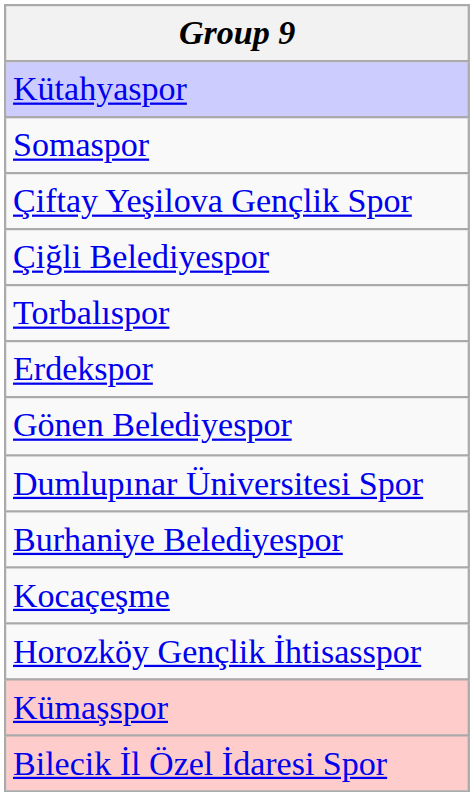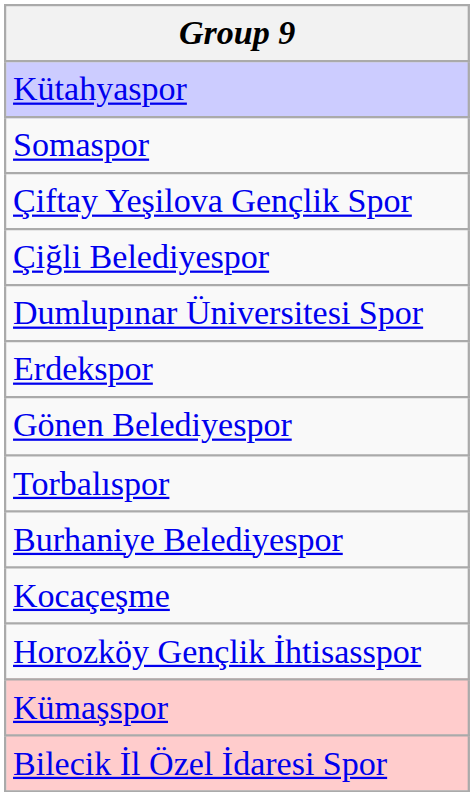 <table class="wikitable collapsible collapsed" style="font-size:95%;">
 <tr>
 <th colspan="1" width="200"><em>Group 9</em></th>
 </tr>
 <tr>
 <td style="background:#ccccff;"><a href='#'>Kütahyaspor</a></td>
 </tr>
 <tr>
 <td><a href='#'>Somaspor</a></td>
 </tr>
 <tr>
 <td><a href='#'>Çiftay Yeşilova Gençlik Spor</a></td>
 </tr>
 <tr>
 <td><a href='#'>Çiğli Belediyespor</a></td>
 </tr>
 <tr>
-<td><a href='#'>Torbalıspor</a></td>
+<td><a href='#'>Dumlupınar Üniversitesi Spor</a></td>
 </tr>
 <tr>
 <td><a href='#'>Erdekspor</a></td>
 </tr>
 <tr>
 <td><a href='#'>Gönen Belediyespor</a></td>
 </tr>
 <tr>
-<td><a href='#'>Dumlupınar Üniversitesi Spor</a></td>
+<td><a href='#'>Torbalıspor</a></td>
 </tr>
 <tr>
 <td><a href='#'>Burhaniye Belediyespor</a></td>
 </tr>
 <tr>
 <td><a href='#'>Kocaçeşme</a></td>
 </tr>
 <tr>
 <td><a href='#'>Horozköy Gençlik İhtisasspor</a></td>
 </tr>
 <tr>
 <td style="background:#fcc;"><a href='#'>Kümaşspor</a></td>
 </tr>
 <tr>
 <td style="background:#fcc;"><a href='#'>Bilecik İl Özel İdaresi Spor</a></td>
 </tr>
 </table>
